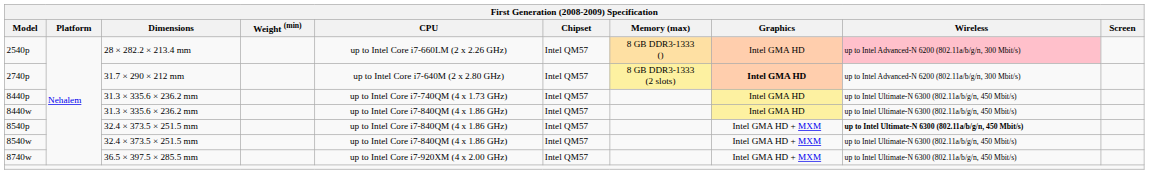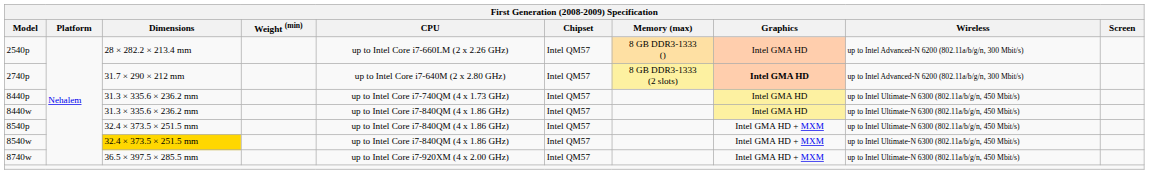 <table class="wikitable mw-collapsible mw-collapsed" style="font-size: 80%; width: 100%;">
 <tr>
 <th colspan="10">First Generation (2008-2009) Specification</th>
 </tr>
 <tr>
 <th>Model</th>
 <th>Platform</th>
 <th>Dimensions</th>
 <th>Weight <sup>(min)</sup></th>
 <th>CPU</th>
 <th>Chipset</th>
 <th>Memory (max)</th>
 <th>Graphics</th>
 <th>Wireless</th>
 <th>Screen</th>
 </tr>
 <tr>
 <td>2540p</td>
 <td rowspan="7"><a href='#'>Nehalem</a></td>
 <td>28 × 282.2 × 213.4 mm</td>
 <td></td>
 <td style="text-align:center;background:">up to Intel Core i7-660LM (2 x 2.26 GHz)</td>
 <td>Intel QM57</td>
 <td style="text-align:center;background:#fee0a3;">8 GB DDR3-1333<br>()</td>
 <td style="text-align:center;background:#ffcead;">Intel GMA HD</td>
-<td style="background: pink;"><small>up to Intel Advanced-N 6200 (802.11a/b/g/n, 300 Mbit/s)</small></td>
+<td><small>up to Intel Advanced-N 6200 (802.11a/b/g/n, 300 Mbit/s)</small></td>
 <td></td>
 </tr>
 <tr>
 <td>2740p</td>
 <td>31.7 × 290 × 212 mm</td>
 <td></td>
 <td style="text-align:center;background:">up to Intel Core i7-640M (2 x 2.80 GHz)</td>
 <td>Intel QM57</td>
 <td style="text-align:center;background:#fdf1a1;">8 GB DDR3-1333<br>(2 slots)</td>
 <td style="text-align:center;background:#ffcead;"><strong>Intel GMA HD</strong></td>
 <td><small>up to Intel Advanced-N 6200 (802.11a/b/g/n, 300 Mbit/s)</small></td>
 <td></td>
 </tr>
 <tr>
 <td>8440p</td>
 <td>31.3 × 335.6 × 236.2 mm</td>
 <td></td>
 <td style="text-align:center;background:">up to Intel Core i7-740QM (4 x 1.73 GHz)</td>
 <td>Intel QM57</td>
 <td></td>
 <td style="text-align:center;background:#fdf1a1;">Intel GMA HD<br></td>
 <td><small>up to Intel Ultimate-N 6300 (802.11a/b/g/n, 450 Mbit/s)</small></td>
 <td></td>
 </tr>
 <tr>
 <td>8440w</td>
 <td>31.3 × 335.6 × 236.2 mm</td>
 <td></td>
 <td style="text-align:center;background:">up to Intel Core i7-840QM (4 x 1.86 GHz)</td>
 <td>Intel QM57</td>
 <td></td>
 <td style="text-align:center;background:#fdf1a1;">Intel GMA HD<br></td>
 <td><small>up to Intel Ultimate-N 6300 (802.11a/b/g/n, 450 Mbit/s)</small></td>
 <td></td>
 </tr>
 <tr>
 <td>8540p</td>
 <td>32.4 × 373.5 × 251.5 mm</td>
 <td></td>
 <td style="text-align:center;background:">up to Intel Core i7-840QM (4 x 1.86 GHz)</td>
 <td>Intel QM57</td>
 <td></td>
 <td style="text-align:center;background:">Intel GMA HD + <a href='#'>MXM</a><br></td>
-<td><strong><small>up to Intel Ultimate-N 6300 (802.11a/b/g/n, 450 Mbit/s)</small></strong></td>
+<td><small>up to Intel Ultimate-N 6300 (802.11a/b/g/n, 450 Mbit/s)</small></td>
 <td></td>
 </tr>
 <tr>
 <td>8540w</td>
-<td>32.4 × 373.5 × 251.5 mm</td>
+<td style="background: gold;">32.4 × 373.5 × 251.5 mm</td>
 <td></td>
 <td style="text-align:center;background:">up to Intel Core i7-840QM (4 x 1.86 GHz)</td>
 <td>Intel QM57</td>
 <td></td>
 <td style="text-align:center;background:">Intel GMA HD + <a href='#'>MXM</a><br></td>
 <td><small>up to Intel Ultimate-N 6300 (802.11a/b/g/n, 450 Mbit/s)</small></td>
 <td></td>
 </tr>
 <tr>
 <td>8740w</td>
 <td>36.5 × 397.5 × 285.5 mm</td>
 <td></td>
 <td style="text-align:center;background:">up to Intel Core i7-920XM (4 x 2.00 GHz)</td>
 <td>Intel QM57</td>
 <td></td>
 <td style="text-align:center;background:">Intel GMA HD + <a href='#'>MXM</a><br></td>
 <td><small>up to Intel Ultimate-N 6300 (802.11a/b/g/n, 450 Mbit/s)</small></td>
 <td></td>
 </tr>
 <tr>
 <td colspan=10></td>
 </tr>
 </table>
